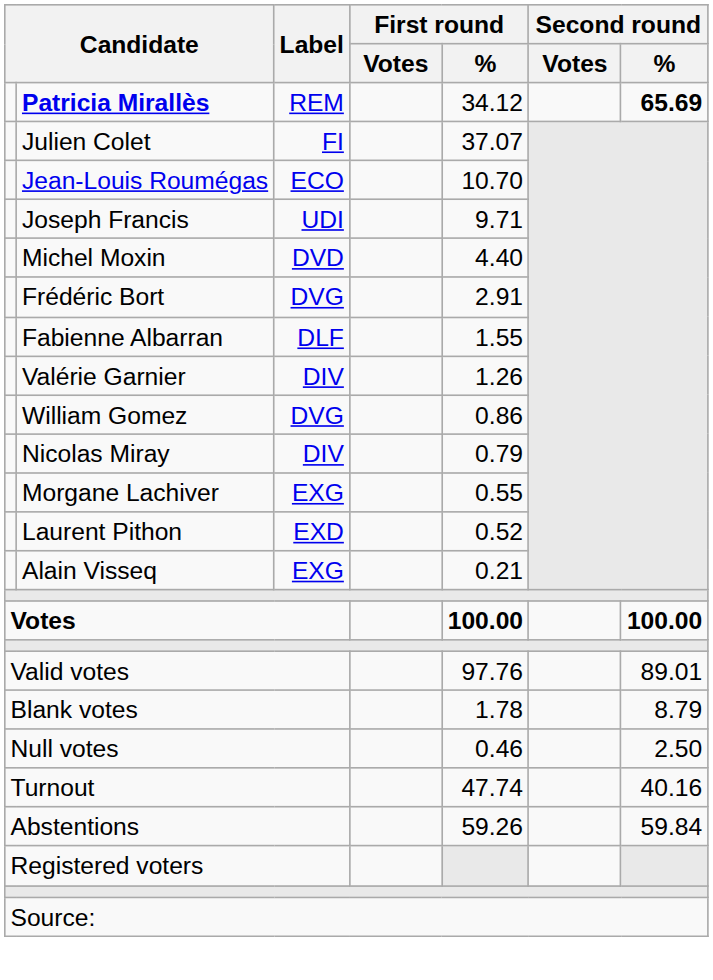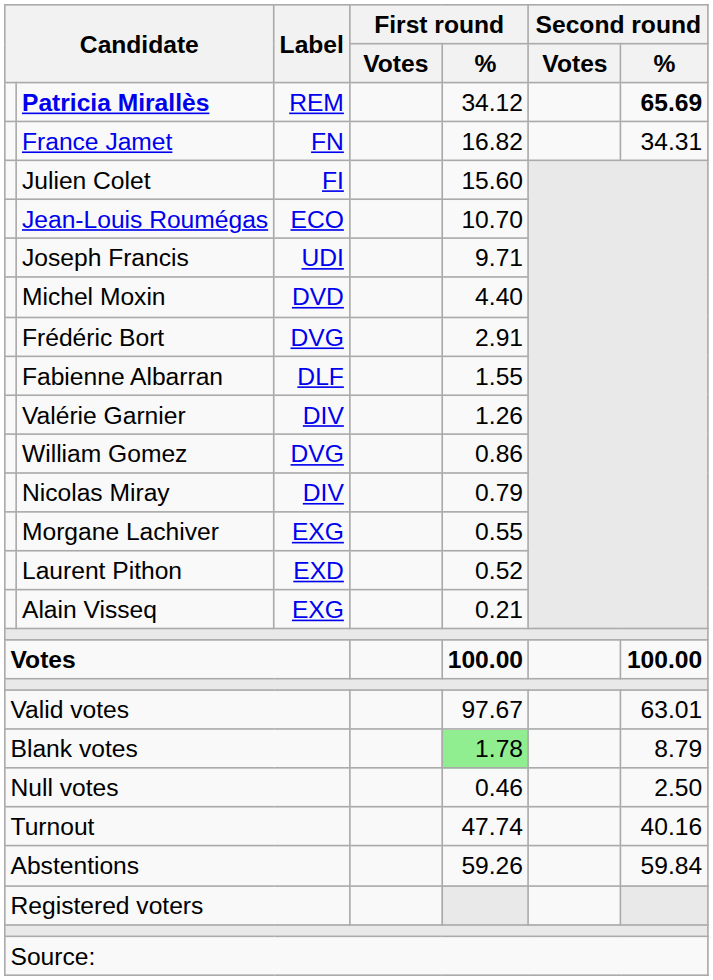 <table class="wikitable" style="text-align:right;font-size:95%;">
 <tr>
 <th rowspan="2" colspan="2">Candidate</th>
 <th rowspan="2">Label</th>
 <th colspan="2">First round</th>
 <th colspan="2">Second round</th>
 </tr>
 <tr>
 <th style="width:50px;">Votes</th>
 <th style="width:45px;">%</th>
 <th style="width:50px;">Votes</th>
 <th style="width:45px;">%</th>
 </tr>
 <tr>
 <td style="color:inherit;background:"></td>
 <td style="text-align:left;"><strong><a href='#'>Patricia Mirallès</a></strong></td>
 <td><a href='#'>REM</a></td>
 <td></td>
 <td>34.12</td>
 <td><strong></strong></td>
 <td><strong>65.69</strong></td>
 </tr>
 <tr>
 <td style="color:inherit;background:"></td>
+<td style="text-align:left;"><a href='#'>France Jamet</a></td>
+<td><a href='#'>FN</a></td>
+<td></td>
+<td>16.82</td>
+<td></td>
+<td>34.31</td>
+</tr>
+<tr>
+<td style="color:inherit;background:"></td>
 <td style="text-align:left;">Julien Colet</td>
 <td><a href='#'>FI</a></td>
 <td></td>
-<td>37.07</td>
+<td>15.60</td>
 <td colspan="2" rowspan="12" style="background:#E9E9E9;"></td>
 </tr>
 <tr>
 <td style="color:inherit;background:"></td>
 <td style="text-align:left;"><a href='#'>Jean-Louis Roumégas</a></td>
 <td><a href='#'>ECO</a></td>
 <td></td>
 <td>10.70</td>
 </tr>
 <tr>
 <td style="color:inherit;background:"></td>
 <td style="text-align:left;">Joseph Francis</td>
 <td><a href='#'>UDI</a></td>
 <td></td>
 <td>9.71</td>
 </tr>
 <tr>
 <td style="color:inherit;background:"></td>
 <td style="text-align:left;">Michel Moxin</td>
 <td><a href='#'>DVD</a></td>
 <td></td>
 <td>4.40</td>
 </tr>
 <tr>
 <td style="color:inherit;background:"></td>
 <td style="text-align:left;">Frédéric Bort</td>
 <td><a href='#'>DVG</a></td>
 <td></td>
 <td>2.91</td>
 </tr>
 <tr>
 <td style="color:inherit;background:"></td>
 <td style="text-align:left;">Fabienne Albarran</td>
 <td><a href='#'>DLF</a></td>
 <td></td>
 <td>1.55</td>
 </tr>
 <tr>
 <td style="color:inherit;background:"></td>
 <td style="text-align:left;">Valérie Garnier</td>
 <td><a href='#'>DIV</a></td>
 <td></td>
 <td>1.26</td>
 </tr>
 <tr>
 <td style="color:inherit;background:"></td>
 <td style="text-align:left;">William Gomez</td>
 <td><a href='#'>DVG</a></td>
 <td></td>
 <td>0.86</td>
 </tr>
 <tr>
 <td style="color:inherit;background:"></td>
 <td style="text-align:left;">Nicolas Miray</td>
 <td><a href='#'>DIV</a></td>
 <td></td>
 <td>0.79</td>
 </tr>
 <tr>
 <td style="color:inherit;background:"></td>
 <td style="text-align:left;">Morgane Lachiver</td>
 <td><a href='#'>EXG</a></td>
 <td></td>
 <td>0.55</td>
 </tr>
 <tr>
 <td style="color:inherit;background:"></td>
 <td style="text-align:left;">Laurent Pithon</td>
 <td><a href='#'>EXD</a></td>
 <td></td>
 <td>0.52</td>
 </tr>
 <tr>
 <td style="color:inherit;background:"></td>
 <td style="text-align:left;">Alain Visseq</td>
 <td><a href='#'>EXG</a></td>
 <td></td>
 <td>0.21</td>
 </tr>
 <tr>
 <td colspan="7" style="background:#E9E9E9;"></td>
 </tr>
 <tr style="font-weight:bold;">
 <td colspan="3" style="text-align:left;">Votes</td>
 <td></td>
 <td>100.00</td>
 <td></td>
 <td>100.00</td>
 </tr>
 <tr>
 <td colspan="7" style="background:#E9E9E9;"></td>
 </tr>
 <tr>
 <td colspan="3" style="text-align:left;">Valid votes</td>
 <td></td>
-<td>97.76</td>
+<td>97.67</td>
 <td></td>
-<td>89.01</td>
+<td>63.01</td>
 </tr>
 <tr>
 <td colspan="3" style="text-align:left;">Blank votes</td>
 <td></td>
-<td>1.78</td>
+<td style="background: lightgreen;">1.78</td>
 <td></td>
 <td>8.79</td>
 </tr>
 <tr>
 <td colspan="3" style="text-align:left;">Null votes</td>
 <td></td>
 <td>0.46</td>
 <td></td>
 <td>2.50</td>
 </tr>
 <tr>
 <td colspan="3" style="text-align:left;">Turnout</td>
 <td></td>
 <td>47.74</td>
 <td></td>
 <td>40.16</td>
 </tr>
 <tr>
 <td colspan="3" style="text-align:left;">Abstentions</td>
 <td></td>
 <td>59.26</td>
 <td></td>
 <td>59.84</td>
 </tr>
 <tr>
 <td colspan="3" style="text-align:left;">Registered voters</td>
 <td></td>
 <td style="color:inherit;background:#E9E9E9;"></td>
 <td></td>
 <td style="color:inherit;background:#E9E9E9;"></td>
 </tr>
 <tr>
 <td colspan="7" style="background:#E9E9E9;"></td>
 </tr>
 <tr>
 <td colspan="7" style="text-align:left;">Source: </td>
 </tr>
 </table>
